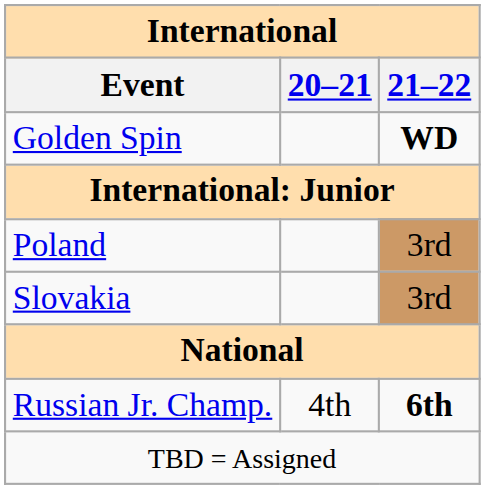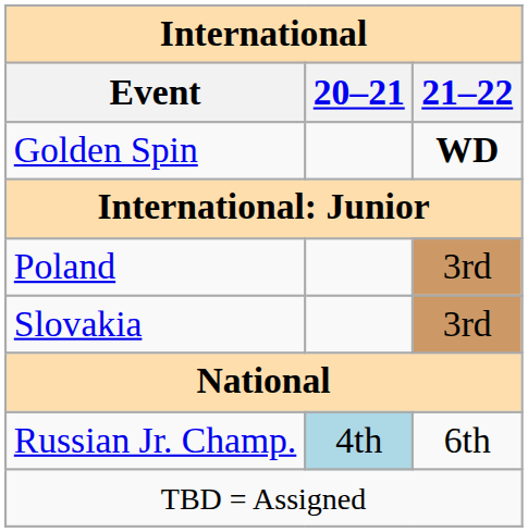 <table class="wikitable" style="text-align:center">
 <tr>
 <th style="background-color: #ffdead; " colspan=4 align=center>International </th>
 </tr>
 <tr>
 <th>Event</th>
 <th><a href='#'>20–21</a></th>
 <th><a href='#'>21–22</a></th>
 </tr>
 <tr>
 <td align=left> <a href='#'>Golden Spin</a></td>
 <td></td>
 <td><strong>WD</strong></td>
 </tr>
 <tr>
 <th style="background-color: #ffdead; " colspan=4 align=center>International: Junior </th>
 </tr>
 <tr>
 <td align=left> <a href='#'>Poland</a></td>
 <td></td>
 <td bgcolor=cc9966>3rd</td>
 </tr>
 <tr>
 <td align=left> <a href='#'>Slovakia</a></td>
 <td></td>
 <td bgcolor=#cc9966>3rd</td>
 </tr>
 <tr>
 <th style="background-color: #ffdead; " colspan=4 align=center>National </th>
 </tr>
 <tr>
 <td align="left"><a href='#'>Russian Jr. Champ.</a></td>
-<td>4th</td>
-<td><strong>6th</strong></td>
+<td style="background: lightblue;">4th</td>
+<td>6th</td>
 </tr>
 <tr>
 <td colspan="3" align="center"><small> TBD = Assigned</small></td>
 </tr>
 </table>
